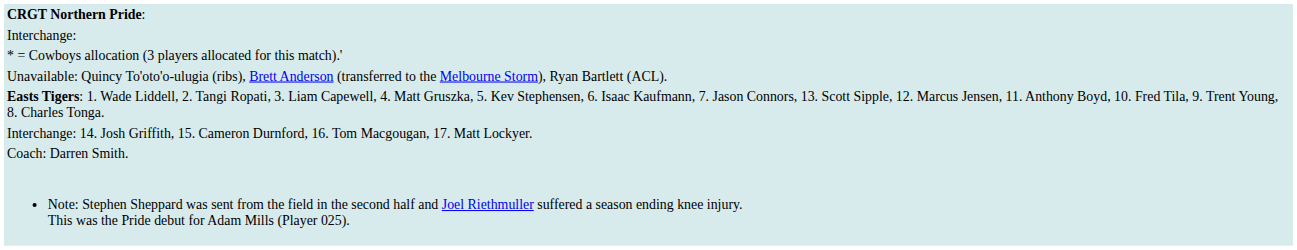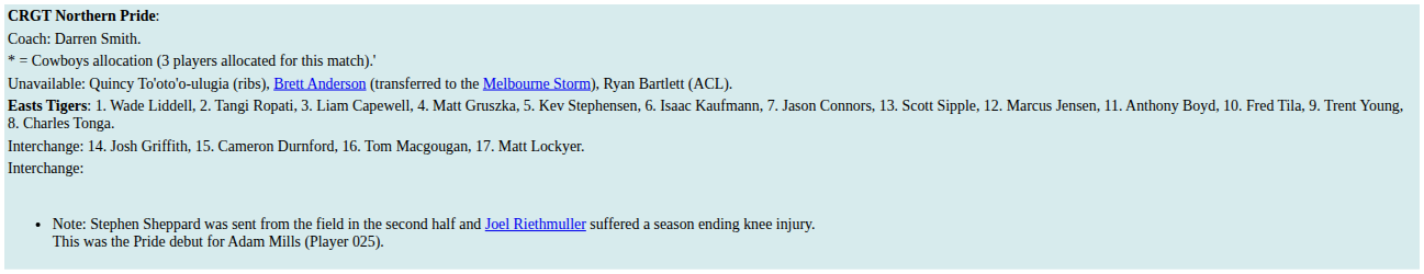 <table style="background:#d7ebed; font-size:85%; width:100%;">
 <tr>
 <td><strong>CRGT Northern Pride</strong>:             </td>
 </tr>
 <tr>
-<td>Interchange:    </td>
+<td>Coach: Darren Smith.</td>
 </tr>
 <tr>
 <td>* = Cowboys allocation (3 players allocated for this match).'</td>
 </tr>
 <tr>
 <td>Unavailable: Quincy To'oto'o-ulugia (ribs), <a href='#'>Brett Anderson</a> (transferred to the <a href='#'>Melbourne Storm</a>), Ryan Bartlett (ACL).</td>
 </tr>
 <tr>
 <td><strong>Easts Tigers</strong>: 1. Wade Liddell, 2. Tangi Ropati, 3. Liam Capewell, 4. Matt Gruszka, 5. Kev Stephensen, 6. Isaac Kaufmann, 7. Jason Connors, 13. Scott Sipple, 12. Marcus Jensen, 11. Anthony Boyd, 10. Fred Tila, 9. Trent Young, 8. Charles Tonga.</td>
 </tr>
 <tr>
 <td>Interchange: 14. Josh Griffith, 15. Cameron Durnford, 16. Tom Macgougan, 17. Matt Lockyer.</td>
 </tr>
 <tr>
-<td>Coach: Darren Smith.</td>
+<td>Interchange:    </td>
 </tr>
 <tr>
 <td><br><ul><li>Note: Stephen Sheppard was sent from the field in the second half and <a href='#'>Joel Riethmuller</a> suffered a season ending knee injury.<br>This was the Pride debut for Adam Mills (Player 025).</li></ul></td>
 </tr>
 </table>
